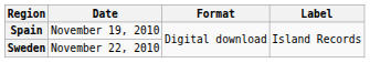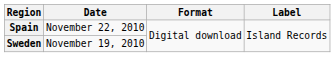 <table class="wikitable plainrowheaders">
 <tr>
 <th scope="col">Region</th>
 <th scope="col">Date</th>
 <th scope="col">Format</th>
 <th scope="col">Label</th>
 </tr>
 <tr>
 <th scope="row">Spain</th>
-<td>November 19, 2010</td>
+<td>November 22, 2010</td>
 <td rowspan="2">Digital download</td>
 <td rowspan="2">Island Records</td>
 </tr>
 <tr>
 <th scope="row">Sweden</th>
-<td>November 22, 2010</td>
+<td>November 19, 2010</td>
 </tr>
 </table>
